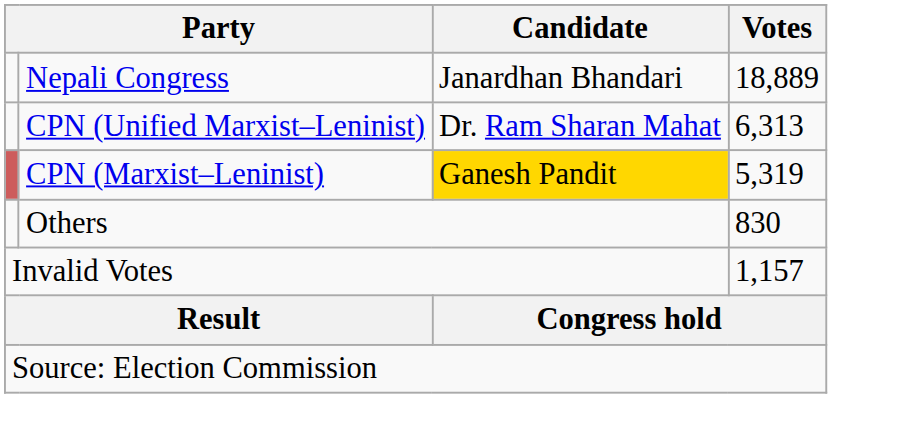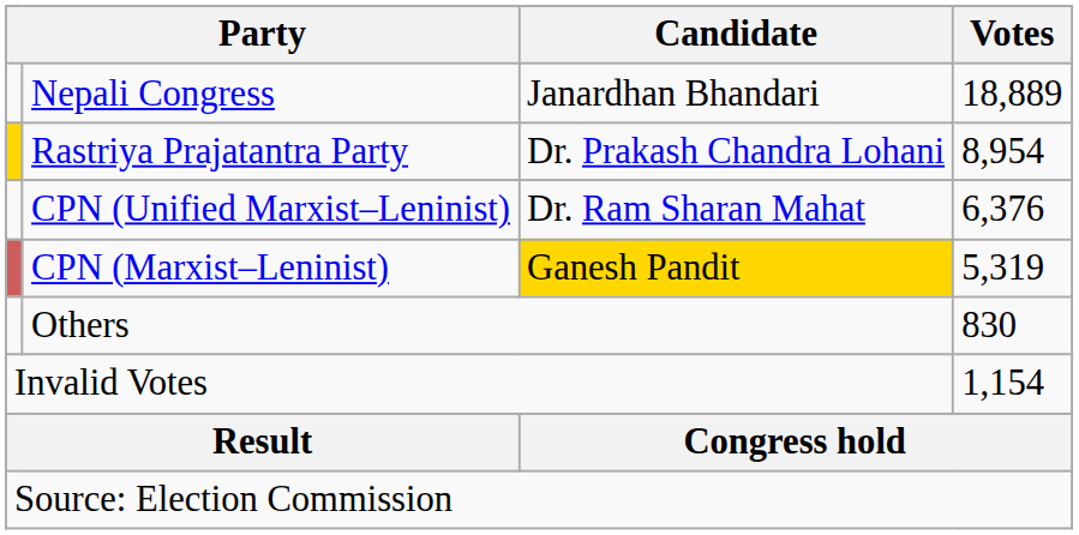 <table class="wikitable">
 <tr>
 <th colspan="2">Party</th>
 <th>Candidate</th>
 <th>Votes</th>
 </tr>
 <tr>
 <td style="background-color:"></td>
 <td><a href='#'>Nepali Congress</a></td>
 <td>Janardhan Bhandari</td>
 <td>18,889</td>
 </tr>
 <tr>
+<td style="background-color:gold"></td>
+<td><a href='#'>Rastriya Prajatantra Party</a></td>
+<td>Dr. <a href='#'>Prakash Chandra Lohani</a></td>
+<td>8,954</td>
+</tr>
+<tr>
 <td style="background-color:"></td>
 <td><a href='#'>CPN (Unified Marxist–Leninist)</a></td>
 <td>Dr. <a href='#'>Ram Sharan Mahat</a></td>
-<td>6,313</td>
+<td>6,376</td>
 </tr>
 <tr>
 <td style="background-color:indianred"></td>
 <td><a href='#'>CPN (Marxist–Leninist)</a></td>
 <td style="background: gold;">Ganesh Pandit</td>
 <td>5,319</td>
 </tr>
 <tr>
 <td></td>
 <td colspan="2">Others</td>
 <td>830</td>
 </tr>
 <tr>
 <td colspan="3">Invalid Votes</td>
-<td>1,157</td>
+<td>1,154</td>
 </tr>
 <tr>
 <th colspan="2">Result</th>
 <th colspan="2">Congress hold</th>
 </tr>
 <tr>
 <td colspan="4">Source: Election Commission</td>
 </tr>
 </table>
